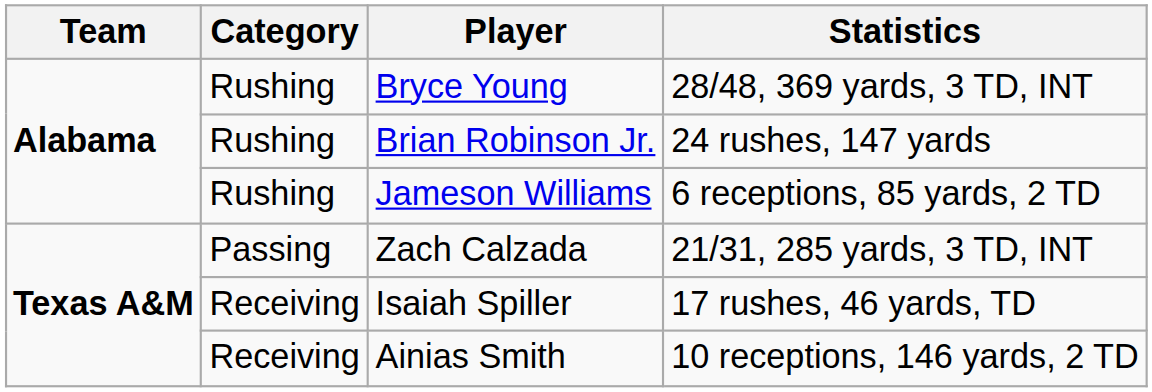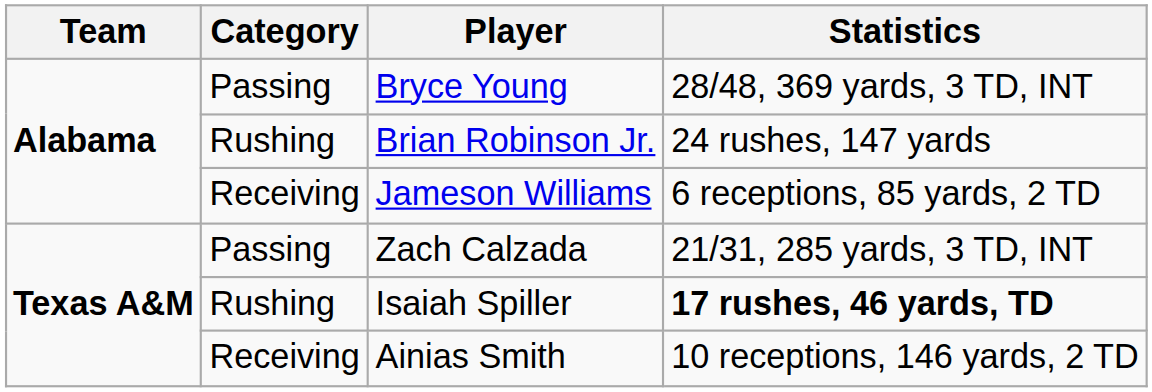 <table class="wikitable" style="float: right;">
 <tr>
 <th>Team</th>
 <th>Category</th>
 <th>Player</th>
 <th>Statistics</th>
 </tr>
 <tr>
 <td rowspan=3><strong>Alabama</strong></td>
-<td>Rushing</td>
+<td>Passing</td>
 <td><a href='#'>Bryce Young</a></td>
 <td>28/48, 369 yards, 3 TD, INT</td>
 </tr>
 <tr>
 <td>Rushing</td>
 <td><a href='#'>Brian Robinson Jr.</a></td>
 <td>24 rushes, 147 yards</td>
 </tr>
 <tr>
-<td>Rushing</td>
+<td>Receiving</td>
 <td><a href='#'>Jameson Williams</a></td>
 <td>6 receptions, 85 yards, 2 TD</td>
 </tr>
 <tr>
 <td rowspan=3><strong>Texas A&M</strong></td>
 <td>Passing</td>
 <td>Zach Calzada</td>
 <td>21/31, 285 yards, 3 TD, INT</td>
 </tr>
 <tr>
-<td>Receiving</td>
+<td>Rushing</td>
 <td>Isaiah Spiller</td>
-<td>17 rushes, 46 yards, TD</td>
+<td><strong>17 rushes, 46 yards, TD</strong></td>
 </tr>
 <tr>
 <td>Receiving</td>
 <td>Ainias Smith</td>
 <td>10 receptions, 146 yards, 2 TD</td>
 </tr>
 </table>
